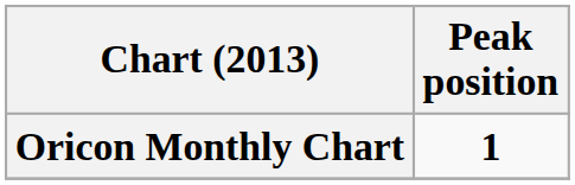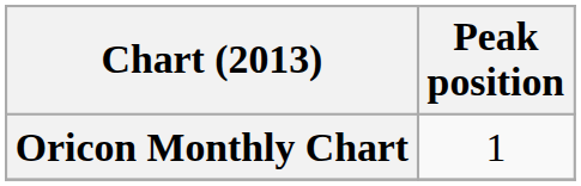 <table class="wikitable plainrowheaders">
 <tr>
 <th>Chart (2013)</th>
 <th>Peak<br>position</th>
 </tr>
 <tr>
 <th scope="row">Oricon Monthly Chart</th>
-<td align="center"><strong>1</strong></td>
+<td align="center">1</td>
 </tr>
 <tr>
 </tr>
 </table>
